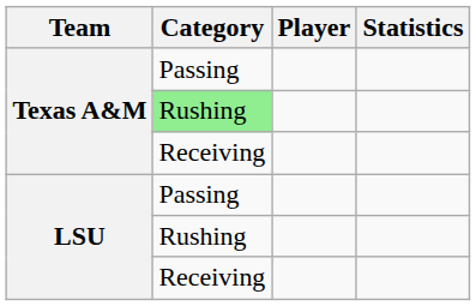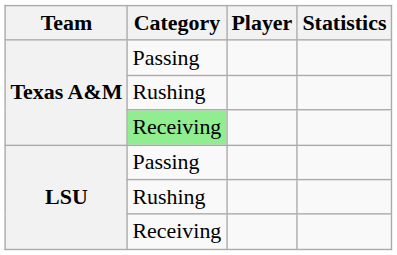 <table class="wikitable" style="float:right">
 <tr>
 <th>Team</th>
 <th>Category</th>
 <th>Player</th>
 <th>Statistics</th>
 </tr>
 <tr>
 <th rowspan=3>Texas A&M</th>
 <td>Passing</td>
 <td></td>
 <td></td>
 </tr>
 <tr>
-<td style="background: lightgreen;">Rushing</td>
+<td>Rushing</td>
 <td></td>
 <td></td>
 </tr>
 <tr>
-<td>Receiving</td>
+<td style="background: lightgreen;">Receiving</td>
 <td></td>
 <td></td>
 </tr>
 <tr>
 <th rowspan=3>LSU</th>
 <td>Passing</td>
 <td></td>
 <td></td>
 </tr>
 <tr>
 <td>Rushing</td>
 <td></td>
 <td></td>
 </tr>
 <tr>
 <td>Receiving</td>
 <td></td>
 <td></td>
 </tr>
 </table>
